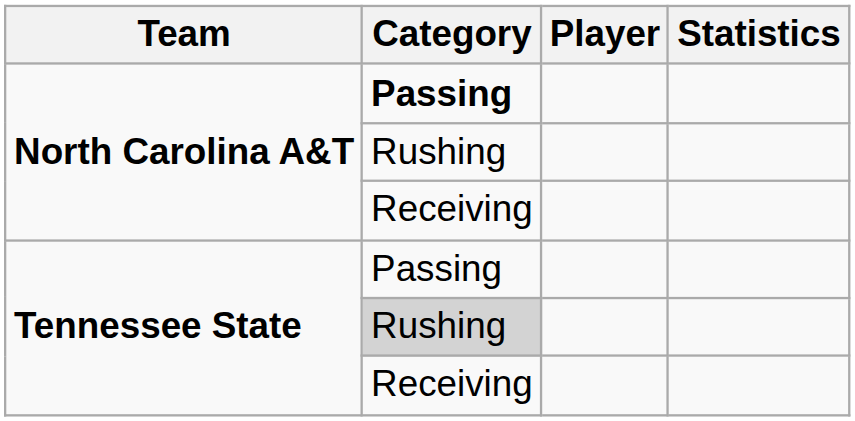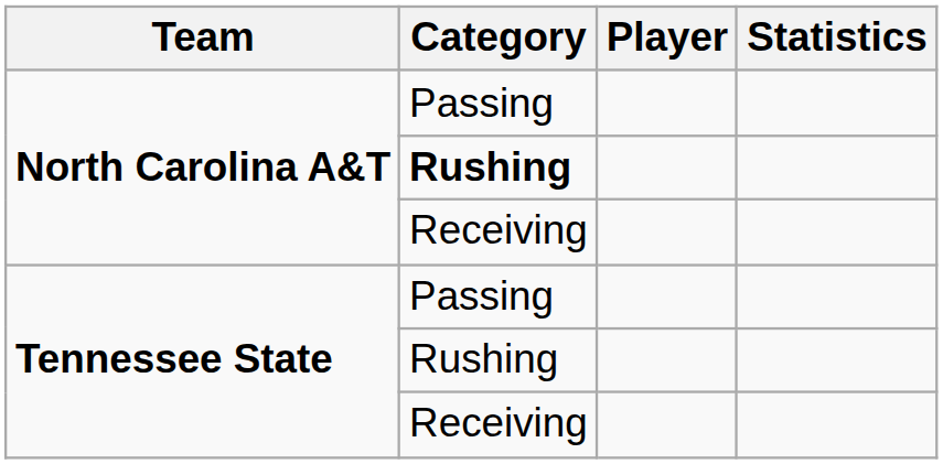 <table class="wikitable" style="float: right;">
 <tr>
 <th>Team</th>
 <th>Category</th>
 <th>Player</th>
 <th>Statistics</th>
 </tr>
 <tr>
 <td rowspan=3><strong>North Carolina A&T</strong></td>
-<td><strong>Passing</strong></td>
+<td>Passing</td>
 <td></td>
 <td></td>
 </tr>
 <tr>
-<td>Rushing</td>
+<td><strong>Rushing</strong></td>
 <td></td>
 <td></td>
 </tr>
 <tr>
 <td>Receiving</td>
 <td></td>
 <td></td>
 </tr>
 <tr>
 <td rowspan=3><strong>Tennessee State</strong></td>
 <td>Passing</td>
 <td></td>
 <td></td>
 </tr>
 <tr>
-<td style="background: lightgrey;">Rushing</td>
+<td>Rushing</td>
 <td></td>
 <td></td>
 </tr>
 <tr>
 <td>Receiving</td>
 <td></td>
 <td></td>
 </tr>
 </table>
